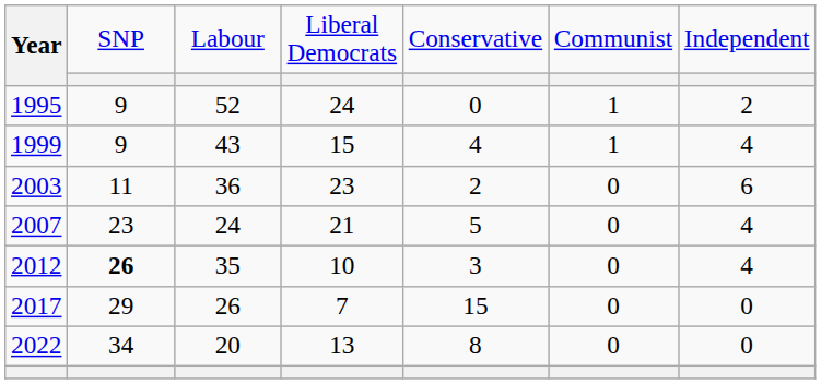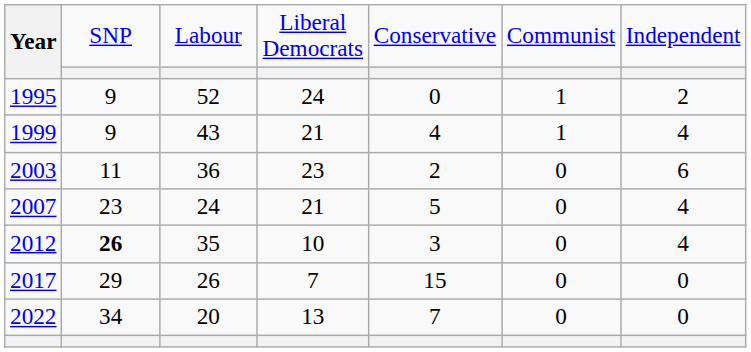 <table class=wikitable style=text-align:center>
 <tr>
 <th rowspan=2>Year</th>
 <td width="60"><a href='#'>SNP</a></td>
 <td width="60"><a href='#'>Labour</a></td>
 <td width="60"><a href='#'>Liberal Democrats</a></td>
 <td width="60"><a href='#'>Conservative</a></td>
 <td width="60"><a href='#'>Communist</a></td>
 <td width="60"><a href='#'>Independent</a></td>
 </tr>
 <tr>
 <th style="background-color: "></th>
 <th style="background-color: "></th>
 <th style="background-color: "></th>
 <th style="background-color: "></th>
 <th style="background-color: "></th>
 <th style="background-color: "></th>
 </tr>
 <tr>
 <td><a href='#'>1995</a></td>
 <td>9</td>
 <td>52</td>
 <td>24</td>
 <td>0</td>
 <td>1</td>
 <td>2</td>
 </tr>
 <tr>
 <td><a href='#'>1999</a></td>
 <td>9</td>
 <td>43</td>
-<td>15</td>
+<td>21</td>
 <td>4</td>
 <td>1</td>
 <td>4</td>
 </tr>
 <tr>
 <td><a href='#'>2003</a></td>
 <td>11</td>
 <td>36</td>
 <td>23</td>
 <td>2</td>
 <td>0</td>
 <td>6</td>
 </tr>
 <tr>
 <td><a href='#'>2007</a></td>
 <td>23</td>
 <td>24</td>
 <td>21</td>
 <td>5</td>
 <td>0</td>
 <td>4</td>
 </tr>
 <tr>
 <td><a href='#'>2012</a></td>
 <td><strong>26</strong></td>
 <td>35</td>
 <td>10</td>
 <td>3</td>
 <td>0</td>
 <td>4</td>
 </tr>
 <tr>
 <td><a href='#'>2017</a></td>
 <td>29</td>
 <td>26</td>
 <td>7</td>
 <td>15</td>
 <td>0</td>
 <td>0</td>
 </tr>
 <tr>
 <td><a href='#'>2022</a></td>
 <td>34</td>
 <td>20</td>
 <td>13</td>
-<td>8</td>
+<td>7</td>
 <td>0</td>
 <td>0</td>
 </tr>
 <tr>
 <th></th>
 <th style="background-color: "></th>
 <th style="background-color: "></th>
 <th style="background-color: "></th>
 <th style="background-color: "></th>
 <th style="background-color: "></th>
 <th style="background-color: "></th>
 </tr>
 </table>
